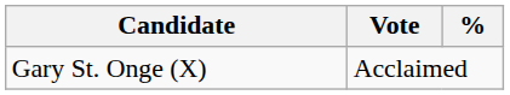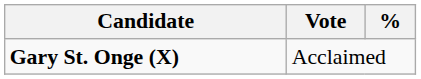 <table class="wikitable">
 <tr>
 <th bgcolor="#DDDDFF" width="200px">Candidate</th>
 <th bgcolor="#DDDDFF" width="50px">Vote</th>
 <th bgcolor="#DDDDFF" width="30px">%</th>
 </tr>
 <tr>
-<td>Gary St. Onge (X)</td>
+<td><strong>Gary St. Onge (X)</strong></td>
 <td colspan="2">Acclaimed</td>
 </tr>
 </table>
